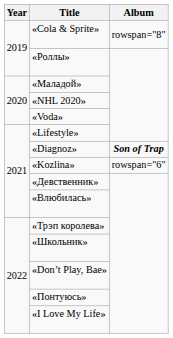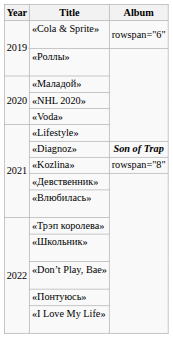 <table class="wikitable" style="text-align:center;">
 <tr>
 <th>Year</th>
 <th>Title</th>
 <th>Album</th>
 </tr>
 <tr>
 <td rowspan="2">2019</td>
 <td align="left">«Cola & Sprite»<br><br></td>
-<td>rowspan="8" </td>
+<td>rowspan="6" </td>
 </tr>
 <tr>
 <td align="left">«Роллы»<br><br></td>
 </tr>
 <tr>
 <td rowspan="3">2020</td>
 <td align="left">«Маладой»</td>
 </tr>
 <tr>
 <td align="left">«NHL 2020»</td>
 </tr>
 <tr>
 <td align="left">«Voda»</td>
 </tr>
 <tr>
 <td rowspan="5">2021</td>
 <td align="left">«Lifestyle»</td>
 </tr>
 <tr>
 <td align="left">«Diagnoz»</td>
 <td><strong><em>Son of Trap</em></strong></td>
 </tr>
 <tr>
 <td align="left">«Kozlina»</td>
-<td>rowspan="6" </td>
+<td>rowspan="8" </td>
 </tr>
 <tr>
 <td align="left">«Девственник»</td>
 </tr>
 <tr>
 <td align="left">«Влюбилась»<br><br></td>
 </tr>
 <tr>
 <td rowspan="5">2022</td>
 <td align="left">«Трэп королева»</td>
 </tr>
 <tr>
 <td align="left">«Школьник»<br><br></td>
 </tr>
 <tr>
 <td align="left">«Don’t Play, Bae»<br><br></td>
 </tr>
 <tr>
 <td align="left">«Понтуюсь»</td>
 </tr>
 <tr>
 <td align="left">«I Love My Life»<br><br></td>
 </tr>
 </table>
